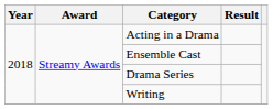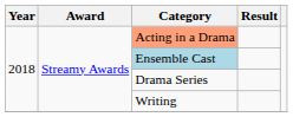 <table class="wikitable">
 <tr>
 <th>Year</th>
 <th>Award</th>
 <th>Category</th>
 <th>Result</th>
 <th></th>
 </tr>
 <tr>
 <td rowspan="4">2018</td>
 <td rowspan="4"><a href='#'>Streamy Awards</a></td>
-<td>Acting in a Drama</td>
+<td style="background: lightsalmon;">Acting in a Drama</td>
 <td></td>
 <td rowspan="4"></td>
 </tr>
 <tr>
-<td>Ensemble Cast</td>
+<td style="background: lightblue;">Ensemble Cast</td>
 <td></td>
 </tr>
 <tr>
 <td>Drama Series</td>
 <td></td>
 </tr>
 <tr>
 <td>Writing</td>
 <td></td>
 </tr>
 <tr>
 </tr>
 </table>
